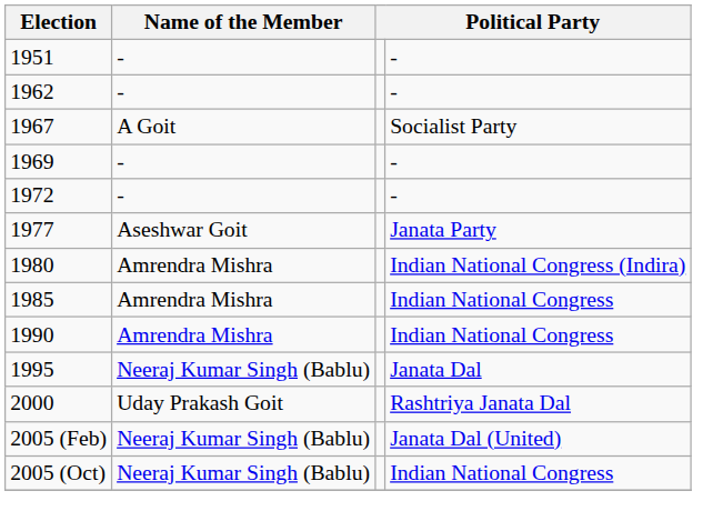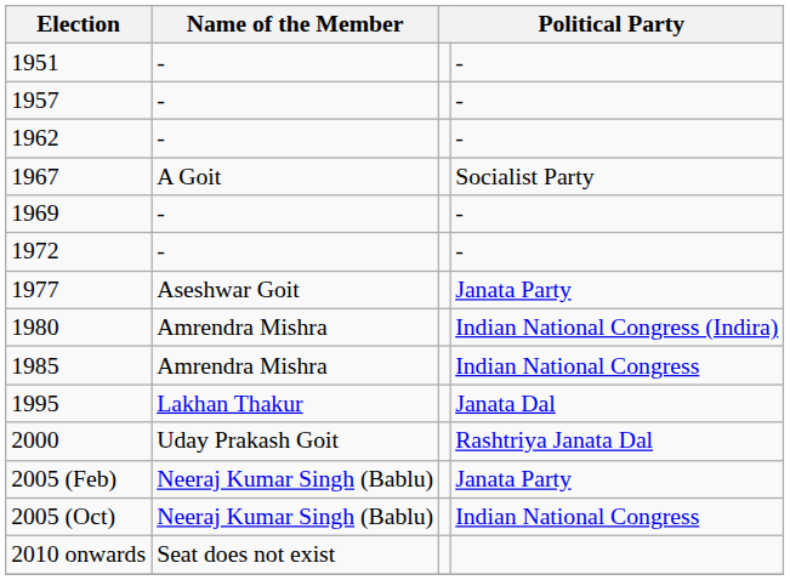 <table class="wikitable">
 <tr>
 <th>Election</th>
 <th>Name of the Member</th>
 <th colspan=2>Political Party</th>
 </tr>
 <tr>
 <td>1951</td>
+<td>-</td>
+<td></td>
+<td>-</td>
+</tr>
+<tr>
+<td>1957</td>
 <td>-</td>
 <td></td>
 <td>-</td>
 </tr>
 <tr>
 <td>1962</td>
 <td>-</td>
 <td></td>
 <td>-</td>
 </tr>
 <tr>
 <td>1967</td>
 <td>A Goit</td>
 <td></td>
 <td>Socialist Party</td>
 </tr>
 <tr>
 <td>1969</td>
 <td>-</td>
 <td></td>
 <td>-</td>
 </tr>
 <tr>
 <td>1972</td>
 <td>-</td>
 <td></td>
 <td>-</td>
 </tr>
 <tr>
 <td>1977</td>
 <td>Aseshwar Goit</td>
 <td style="background-color: "></td>
 <td><a href='#'>Janata Party</a></td>
 </tr>
 <tr>
 <td>1980</td>
 <td>Amrendra Mishra</td>
 <td style="background-color: "></td>
 <td><a href='#'>Indian National Congress (Indira)</a></td>
 </tr>
 <tr>
 <td>1985</td>
 <td>Amrendra Mishra</td>
 <td style="background-color: "></td>
 <td><a href='#'>Indian National Congress</a></td>
 </tr>
 <tr>
-<td>1990</td>
-<td><a href='#'>Amrendra Mishra</a></td>
-<td style="background-color: "></td>
-<td><a href='#'>Indian National Congress</a></td>
-</tr>
-<tr>
 <td>1995</td>
-<td><a href='#'>Neeraj Kumar Singh</a> (Bablu)</td>
+<td><a href='#'>Lakhan Thakur</a></td>
 <td style="background-color: "></td>
 <td><a href='#'>Janata Dal</a></td>
 </tr>
 <tr>
 <td>2000</td>
 <td>Uday Prakash Goit</td>
 <td style="background-color: "></td>
 <td><a href='#'>Rashtriya Janata Dal</a></td>
 </tr>
 <tr>
 <td>2005 (Feb)</td>
 <td><a href='#'>Neeraj Kumar Singh</a> (Bablu)</td>
 <td style="background-color: "></td>
-<td><a href='#'>Janata Dal (United)</a></td>
+<td><a href='#'>Janata Party</a></td>
 </tr>
 <tr>
 <td>2005 (Oct)</td>
 <td><a href='#'>Neeraj Kumar Singh</a> (Bablu)</td>
 <td style="background-color: "></td>
 <td><a href='#'>Indian National Congress</a></td>
 </tr>
 <tr>
+<td>2010 onwards</td>
+<td>Seat does not exist</td>
+<td></td>
+<td></td>
+</tr>
+<tr>
 </tr>
 </table>
